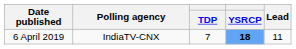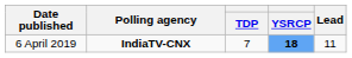 <table class="wikitable sortable" style="text-align:center;font-size:95%;line-height:16px">
 <tr>
 <th rowspan="2" width="100px">Date published</th>
 <th rowspan="2" width="175px">Polling agency</th>
 <th style="background:"></th>
 <th style="background:"></th>
 <th rowspan="2">Lead</th>
 </tr>
 <tr>
 <th width="50px" class="unsortable"><a href='#'>TDP</a></th>
 <th width="50px" class="unsortable"><a href='#'>YSRCP</a></th>
 </tr>
 <tr>
 <td>6 April 2019</td>
-<td>IndiaTV-CNX </td>
+<td><strong>IndiaTV-CNX </strong></td>
 <td>7</td>
 <td style="background:#5FA5F4"><strong>18</strong></td>
 <td style="background:">11</td>
 </tr>
 </table>
